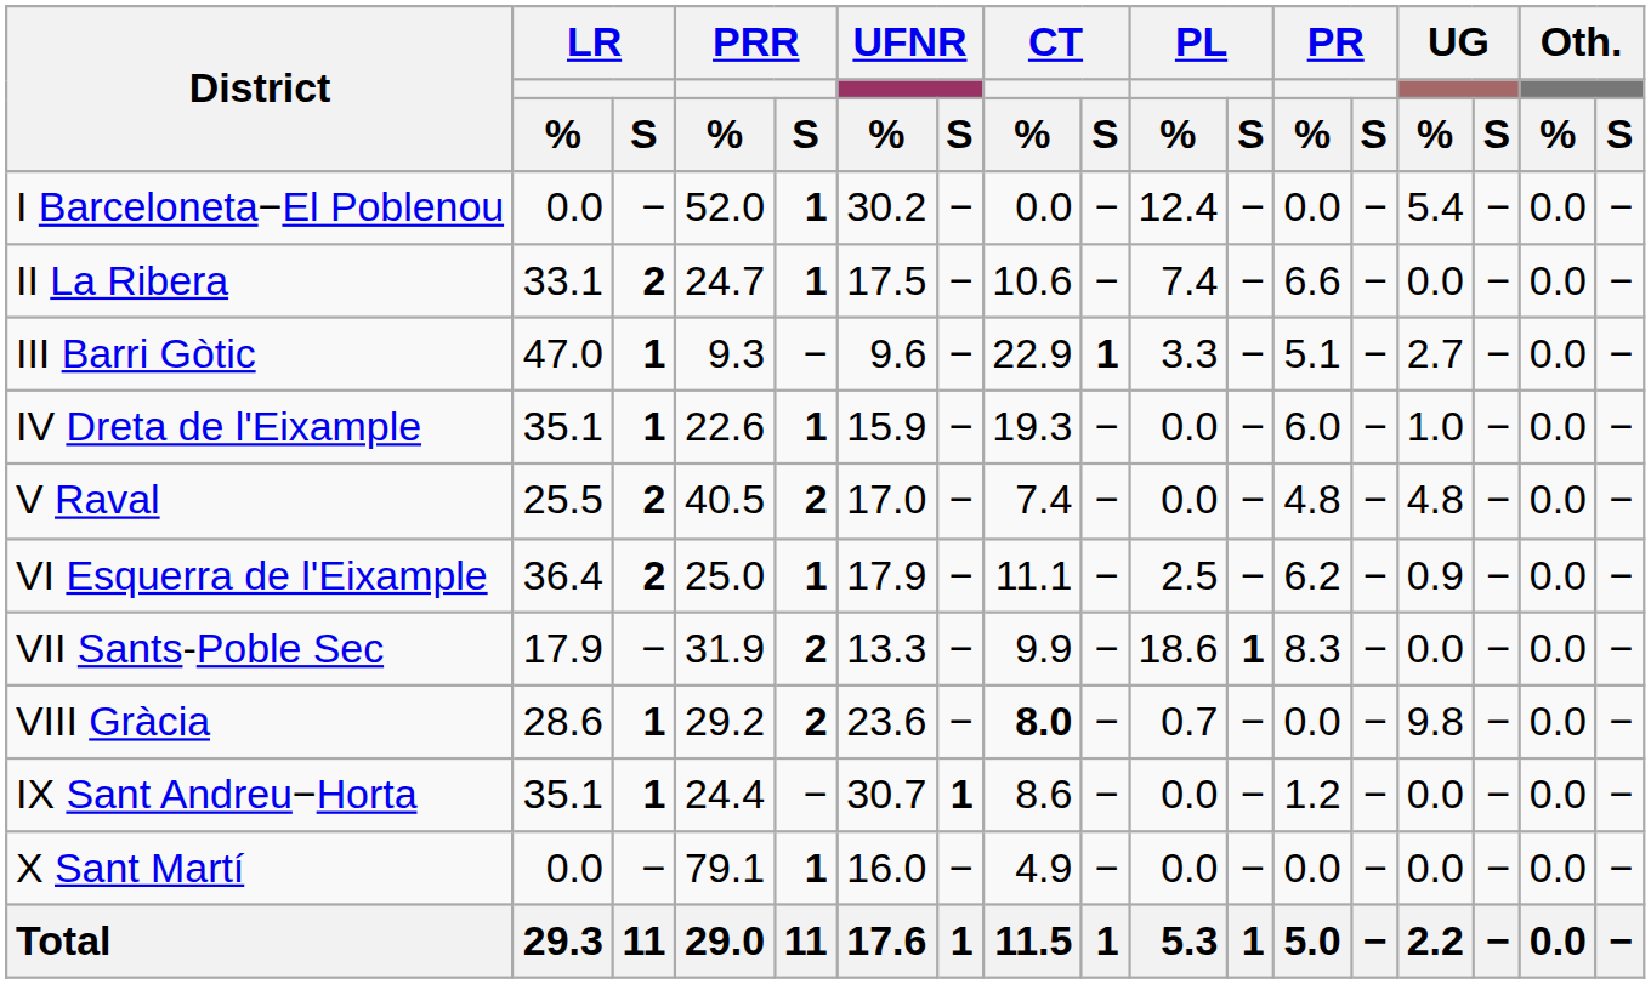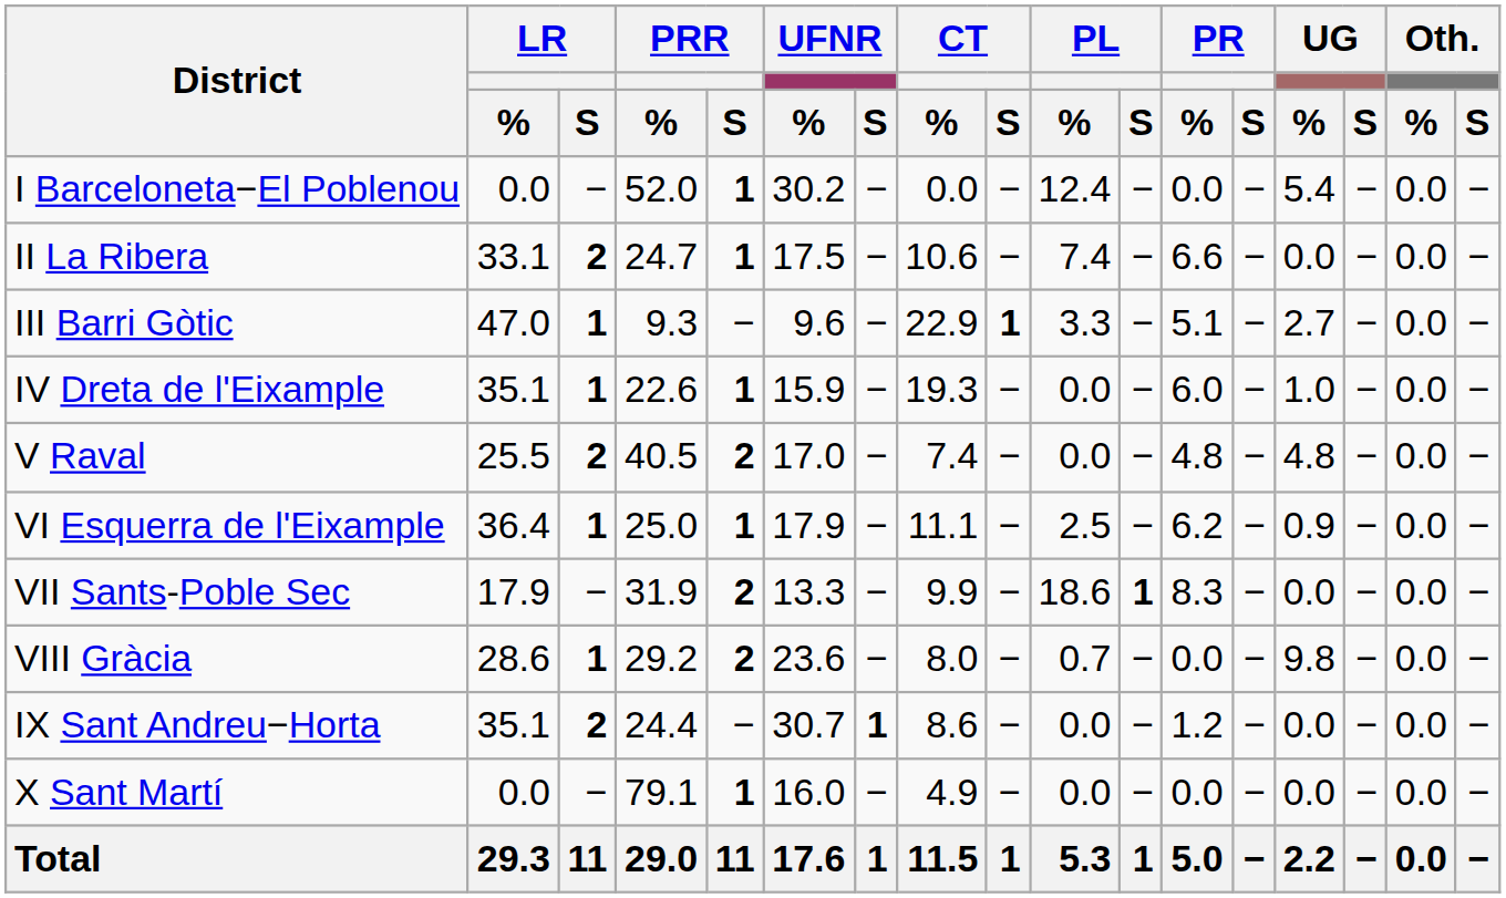 <table class='wikitable sortable' style='text-align:right; font-size:95%; line-height:20px;'>
 <tr>
 <th rowspan='3'>District</th>
 <th colspan='2' width='30px'><a href='#'>LR</a></th>
 <th colspan='2' width='30px'><a href='#'>PRR</a></th>
 <th colspan='2' width='30px'><a href='#'>UFNR</a></th>
 <th colspan='2' width='30px'><a href='#'>CT</a></th>
 <th colspan='2' width='30px'><a href='#'>PL</a></th>
 <th colspan='2' width='30px'><a href='#'>PR</a></th>
 <th colspan='2' width='30px'>UG</th>
 <th colspan='2' width='30px'>Oth.</th>
 </tr>
 <tr>
 <th colspan='2' style='background:'></th>
 <th colspan='2' style='background:'></th>
 <th colspan='2' style='background:#993366'></th>
 <th colspan='2' style='background:'></th>
 <th colspan='2' style='background:'></th>
 <th colspan='2' style='background:'></th>
 <th colspan='2' style='background:#A46868'></th>
 <th colspan='2' style='background:#777777'></th>
 </tr>
 <tr>
 <th data-sort-type='number'>%</th>
 <th data-sort-type='number'>S</th>
 <th data-sort-type='number'>%</th>
 <th data-sort-type='number'>S</th>
 <th data-sort-type='number'>%</th>
 <th data-sort-type='number'>S</th>
 <th data-sort-type='number'>%</th>
 <th data-sort-type='number'>S</th>
 <th data-sort-type='number'>%</th>
 <th data-sort-type='number'>S</th>
 <th data-sort-type='number'>%</th>
 <th data-sort-type='number'>S</th>
 <th data-sort-type='number'>%</th>
 <th data-sort-type='number'>S</th>
 <th data-sort-type='number'>%</th>
 <th data-sort-type='number'>S</th>
 </tr>
 <tr>
 <td style='text-align: left;'>I <a href='#'>Barceloneta</a>−<a href='#'>El Poblenou</a></td>
 <td style='text-align: right;'>0.0</td>
 <td style='text-align: right;'>−</td>
 <td style='text-align: right;'>52.0</td>
 <td style='text-align: right;'><strong>1</strong></td>
 <td style='text-align: right;'>30.2</td>
 <td style='text-align: right;'>−</td>
 <td style='text-align: right;'>0.0</td>
 <td style='text-align: right;'>−</td>
 <td style='text-align: right;'>12.4</td>
 <td style='text-align: right;'>−</td>
 <td style='text-align: right;'>0.0</td>
 <td style='text-align: right;'>−</td>
 <td style='text-align: right;'>5.4</td>
 <td style='text-align: right;'>−</td>
 <td style='text-align: right;'>0.0</td>
 <td style='text-align: right;'>−</td>
 </tr>
 <tr>
 <td style='text-align: left;'>II <a href='#'>La Ribera</a></td>
 <td style='text-align: right;'>33.1</td>
 <td style='text-align: right;'><strong>2</strong></td>
 <td style='text-align: right;'>24.7</td>
 <td style='text-align: right;'><strong>1</strong></td>
 <td style='text-align: right;'>17.5</td>
 <td style='text-align: right;'>−</td>
 <td style='text-align: right;'>10.6</td>
 <td style='text-align: right;'>−</td>
 <td style='text-align: right;'>7.4</td>
 <td style='text-align: right;'>−</td>
 <td style='text-align: right;'>6.6</td>
 <td style='text-align: right;'>−</td>
 <td style='text-align: right;'>0.0</td>
 <td style='text-align: right;'>−</td>
 <td style='text-align: right;'>0.0</td>
 <td style='text-align: right;'>−</td>
 </tr>
 <tr>
 <td style='text-align: left;'>III <a href='#'>Barri Gòtic</a></td>
 <td style='text-align: right;'>47.0</td>
 <td style='text-align: right;'><strong>1</strong></td>
 <td style='text-align: right;'>9.3</td>
 <td style='text-align: right;'>−</td>
 <td style='text-align: right;'>9.6</td>
 <td style='text-align: right;'>−</td>
 <td style='text-align: right;'>22.9</td>
 <td style='text-align: right;'><strong>1</strong></td>
 <td style='text-align: right;'>3.3</td>
 <td style='text-align: right;'>−</td>
 <td style='text-align: right;'>5.1</td>
 <td style='text-align: right;'>−</td>
 <td style='text-align: right;'>2.7</td>
 <td style='text-align: right;'>−</td>
 <td style='text-align: right;'>0.0</td>
 <td style='text-align: right;'>−</td>
 </tr>
 <tr>
 <td style='text-align: left;'>IV <a href='#'>Dreta de l'Eixample</a></td>
 <td style='text-align: right;'>35.1</td>
 <td style='text-align: right;'><strong>1</strong></td>
 <td style='text-align: right;'>22.6</td>
 <td style='text-align: right;'><strong>1</strong></td>
 <td style='text-align: right;'>15.9</td>
 <td style='text-align: right;'>−</td>
 <td style='text-align: right;'>19.3</td>
 <td style='text-align: right;'>−</td>
 <td style='text-align: right;'>0.0</td>
 <td style='text-align: right;'>−</td>
 <td style='text-align: right;'>6.0</td>
 <td style='text-align: right;'>−</td>
 <td style='text-align: right;'>1.0</td>
 <td style='text-align: right;'>−</td>
 <td style='text-align: right;'>0.0</td>
 <td style='text-align: right;'>−</td>
 </tr>
 <tr>
 <td style='text-align: left;'>V <a href='#'>Raval</a></td>
 <td style='text-align: right;'>25.5</td>
 <td style='text-align: right;'><strong>2</strong></td>
 <td style='text-align: right;'>40.5</td>
 <td style='text-align: right;'><strong>2</strong></td>
 <td style='text-align: right;'>17.0</td>
 <td style='text-align: right;'>−</td>
 <td style='text-align: right;'>7.4</td>
 <td style='text-align: right;'>−</td>
 <td style='text-align: right;'>0.0</td>
 <td style='text-align: right;'>−</td>
 <td style='text-align: right;'>4.8</td>
 <td style='text-align: right;'>−</td>
 <td style='text-align: right;'>4.8</td>
 <td style='text-align: right;'>−</td>
 <td style='text-align: right;'>0.0</td>
 <td style='text-align: right;'>−</td>
 </tr>
 <tr>
 <td style='text-align: left;'>VI <a href='#'>Esquerra de l'Eixample</a></td>
 <td style='text-align: right;'>36.4</td>
-<td style='text-align: right;'><strong>2</strong></td>
+<td style='text-align: right;'><strong>1</strong></td>
 <td style='text-align: right;'>25.0</td>
 <td style='text-align: right;'><strong>1</strong></td>
 <td style='text-align: right;'>17.9</td>
 <td style='text-align: right;'>−</td>
 <td style='text-align: right;'>11.1</td>
 <td style='text-align: right;'>−</td>
 <td style='text-align: right;'>2.5</td>
 <td style='text-align: right;'>−</td>
 <td style='text-align: right;'>6.2</td>
 <td style='text-align: right;'>−</td>
 <td style='text-align: right;'>0.9</td>
 <td style='text-align: right;'>−</td>
 <td style='text-align: right;'>0.0</td>
 <td style='text-align: right;'>−</td>
 </tr>
 <tr>
 <td style='text-align: left;'>VII <a href='#'>Sants</a>-<a href='#'>Poble Sec</a></td>
 <td style='text-align: right;'>17.9</td>
 <td style='text-align: right;'>−</td>
 <td style='text-align: right;'>31.9</td>
 <td style='text-align: right;'><strong>2</strong></td>
 <td style='text-align: right;'>13.3</td>
 <td style='text-align: right;'>−</td>
 <td style='text-align: right;'>9.9</td>
 <td style='text-align: right;'>−</td>
 <td style='text-align: right;'>18.6</td>
 <td style='text-align: right;'><strong>1</strong></td>
 <td style='text-align: right;'>8.3</td>
 <td style='text-align: right;'>−</td>
 <td style='text-align: right;'>0.0</td>
 <td style='text-align: right;'>−</td>
 <td style='text-align: right;'>0.0</td>
 <td style='text-align: right;'>−</td>
 </tr>
 <tr>
 <td style='text-align: left;'>VIII <a href='#'>Gràcia</a></td>
 <td style='text-align: right;'>28.6</td>
 <td style='text-align: right;'><strong>1</strong></td>
 <td style='text-align: right;'>29.2</td>
 <td style='text-align: right;'><strong>2</strong></td>
 <td style='text-align: right;'>23.6</td>
 <td style='text-align: right;'>−</td>
-<td style='text-align: right;'><strong>8.0</strong></td>
+<td style='text-align: right;'>8.0</td>
 <td style='text-align: right;'>−</td>
 <td style='text-align: right;'>0.7</td>
 <td style='text-align: right;'>−</td>
 <td style='text-align: right;'>0.0</td>
 <td style='text-align: right;'>−</td>
 <td style='text-align: right;'>9.8</td>
 <td style='text-align: right;'>−</td>
 <td style='text-align: right;'>0.0</td>
 <td style='text-align: right;'>−</td>
 </tr>
 <tr>
 <td style='text-align: left;'>IX <a href='#'>Sant Andreu</a>−<a href='#'>Horta</a></td>
 <td style='text-align: right;'>35.1</td>
-<td style='text-align: right;'><strong>1</strong></td>
+<td style='text-align: right;'><strong>2</strong></td>
 <td style='text-align: right;'>24.4</td>
 <td style='text-align: right;'>−</td>
 <td style='text-align: right;'>30.7</td>
 <td style='text-align: right;'><strong>1</strong></td>
 <td style='text-align: right;'>8.6</td>
 <td style='text-align: right;'>−</td>
 <td style='text-align: right;'>0.0</td>
 <td style='text-align: right;'>−</td>
 <td style='text-align: right;'>1.2</td>
 <td style='text-align: right;'>−</td>
 <td style='text-align: right;'>0.0</td>
 <td style='text-align: right;'>−</td>
 <td style='text-align: right;'>0.0</td>
 <td style='text-align: right;'>−</td>
 </tr>
 <tr>
 <td style='text-align: left;'>X <a href='#'>Sant Martí</a></td>
 <td style='text-align: right;'>0.0</td>
 <td style='text-align: right;'>−</td>
 <td style='text-align: right;'>79.1</td>
 <td style='text-align: right;'><strong>1</strong></td>
 <td style='text-align: right;'>16.0</td>
 <td style='text-align: right;'>−</td>
 <td style='text-align: right;'>4.9</td>
 <td style='text-align: right;'>−</td>
 <td style='text-align: right;'>0.0</td>
 <td style='text-align: right;'>−</td>
 <td style='text-align: right;'>0.0</td>
 <td style='text-align: right;'>−</td>
 <td style='text-align: right;'>0.0</td>
 <td style='text-align: right;'>−</td>
 <td style='text-align: right;'>0.0</td>
 <td style='text-align: right;'>−</td>
 </tr>
 <tr>
 <th style='text-align: left;'>Total</th>
 <th style='text-align: right;'>29.3</th>
 <th style='text-align: right;'><strong>11</strong></th>
 <th style='text-align: right;'>29.0</th>
 <th style='text-align: right;'><strong>11</strong></th>
 <th style='text-align: right;'>17.6</th>
 <th style='text-align: right;'><strong>1</strong></th>
 <th style='text-align: right;'>11.5</th>
 <th style='text-align: right;'><strong>1</strong></th>
 <th style='text-align: right;'>5.3</th>
 <th style='text-align: right;'><strong>1</strong></th>
 <th style='text-align: right;'>5.0</th>
 <th style='text-align: right;'>−</th>
 <th style='text-align: right;'>2.2</th>
 <th style='text-align: right;'>−</th>
 <th style='text-align: right;'>0.0</th>
 <th style='text-align: right;'>−</th>
 </tr>
 </table>
